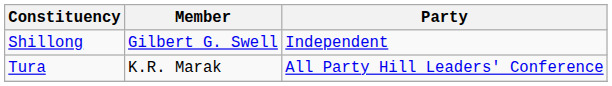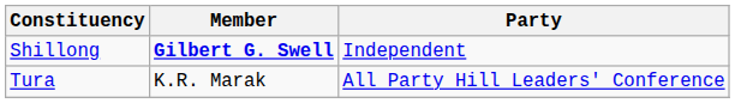 <table class="wikitable sortable">
 <tr>
 <th>Constituency</th>
 <th>Member</th>
 <th>Party</th>
 </tr>
 <tr>
 <td><a href='#'>Shillong</a></td>
-<td><a href='#'>Gilbert G. Swell</a></td>
+<td><strong><a href='#'>Gilbert G. Swell</a></strong></td>
 <td><a href='#'>Independent</a></td>
 </tr>
 <tr>
 <td><a href='#'>Tura</a></td>
 <td>K.R. Marak</td>
 <td><a href='#'>All Party Hill Leaders' Conference</a></td>
 </tr>
 <tr>
 </tr>
 </table>
